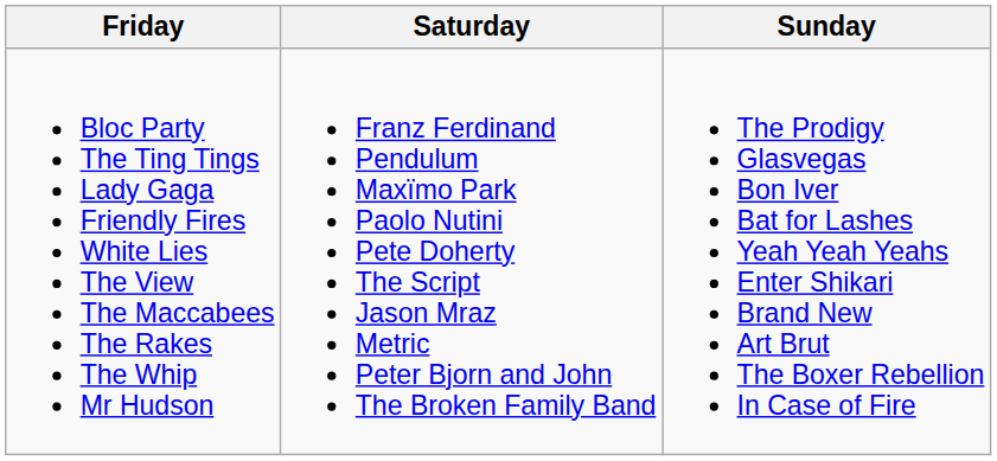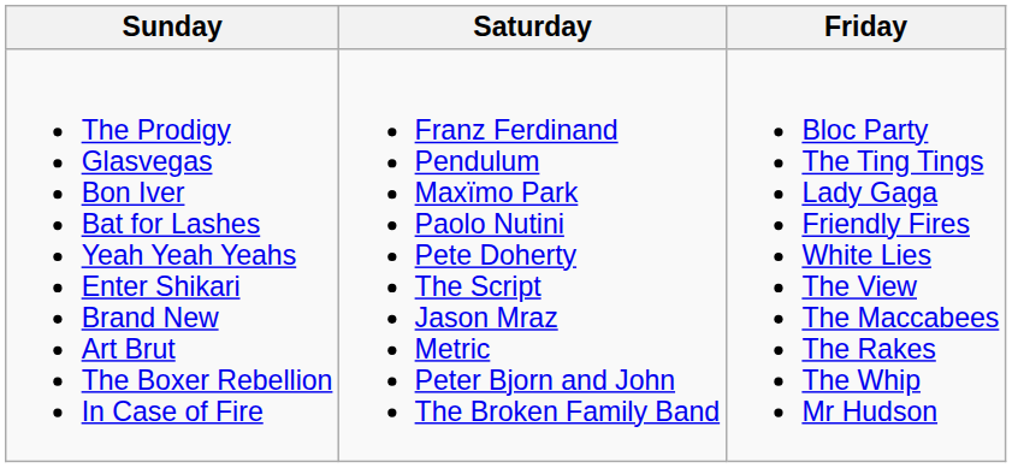 <table class="wikitable">
 <tr>
+<th>Sunday</th>
+<th>Saturday</th>
 <th>Friday</th>
-<th>Saturday</th>
-<th>Sunday</th>
 </tr>
 <tr valign="top">
+<td><br><ul><li><a href='#'>The Prodigy</a></li><li><a href='#'>Glasvegas</a></li><li><a href='#'>Bon Iver</a></li><li><a href='#'>Bat for Lashes</a></li><li><a href='#'>Yeah Yeah Yeahs</a></li><li><a href='#'>Enter Shikari</a></li><li><a href='#'>Brand New</a></li><li><a href='#'>Art Brut</a></li><li><a href='#'>The Boxer Rebellion</a></li><li><a href='#'>In Case of Fire</a></li></ul></td>
+<td><br><ul><li><a href='#'>Franz Ferdinand</a></li><li><a href='#'>Pendulum</a></li><li><a href='#'>Maxïmo Park</a></li><li><a href='#'>Paolo Nutini</a></li><li><a href='#'>Pete Doherty</a></li><li><a href='#'>The Script</a></li><li><a href='#'>Jason Mraz</a></li><li><a href='#'>Metric</a></li><li><a href='#'>Peter Bjorn and John</a></li><li><a href='#'>The Broken Family Band</a></li></ul></td>
 <td><br><ul><li><a href='#'>Bloc Party</a></li><li><a href='#'>The Ting Tings</a></li><li><a href='#'>Lady Gaga</a></li><li><a href='#'>Friendly Fires</a></li><li><a href='#'>White Lies</a></li><li><a href='#'>The View</a></li><li><a href='#'>The Maccabees</a></li><li><a href='#'>The Rakes</a></li><li><a href='#'>The Whip</a></li><li><a href='#'>Mr Hudson</a></li></ul></td>
-<td><br><ul><li><a href='#'>Franz Ferdinand</a></li><li><a href='#'>Pendulum</a></li><li><a href='#'>Maxïmo Park</a></li><li><a href='#'>Paolo Nutini</a></li><li><a href='#'>Pete Doherty</a></li><li><a href='#'>The Script</a></li><li><a href='#'>Jason Mraz</a></li><li><a href='#'>Metric</a></li><li><a href='#'>Peter Bjorn and John</a></li><li><a href='#'>The Broken Family Band</a></li></ul></td>
-<td><br><ul><li><a href='#'>The Prodigy</a></li><li><a href='#'>Glasvegas</a></li><li><a href='#'>Bon Iver</a></li><li><a href='#'>Bat for Lashes</a></li><li><a href='#'>Yeah Yeah Yeahs</a></li><li><a href='#'>Enter Shikari</a></li><li><a href='#'>Brand New</a></li><li><a href='#'>Art Brut</a></li><li><a href='#'>The Boxer Rebellion</a></li><li><a href='#'>In Case of Fire</a></li></ul></td>
 </tr>
 </table>
